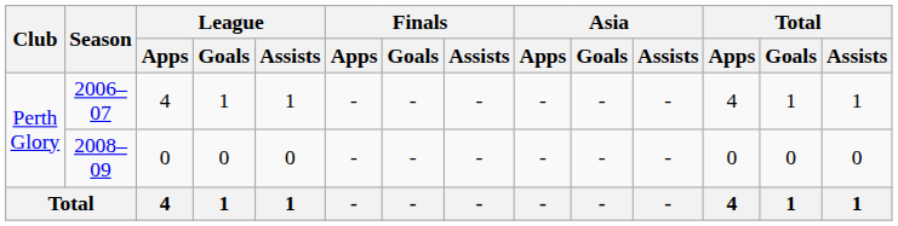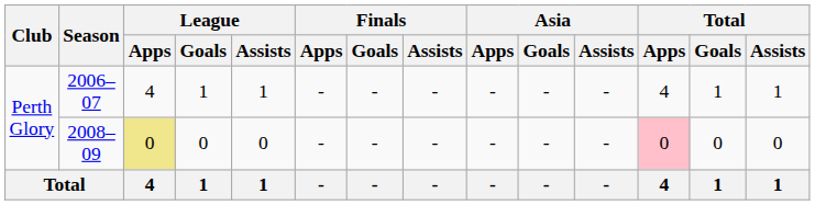 <table class="wikitable" style="text-align: center;">
 <tr>
 <th rowspan="2">Club</th>
 <th rowspan="2">Season</th>
 <th colspan="3">League</th>
 <th colspan="3">Finals</th>
 <th colspan="3">Asia</th>
 <th colspan="3">Total</th>
 </tr>
 <tr>
 <th>Apps</th>
 <th>Goals</th>
 <th>Assists</th>
 <th>Apps</th>
 <th>Goals</th>
 <th>Assists</th>
 <th>Apps</th>
 <th>Goals</th>
 <th>Assists</th>
 <th>Apps</th>
 <th>Goals</th>
 <th>Assists</th>
 </tr>
 <tr>
 <td rowspan="2" valign="center"><a href='#'>Perth Glory</a></td>
 <td><a href='#'>2006–07</a></td>
 <td>4</td>
 <td>1</td>
 <td>1</td>
 <td>-</td>
 <td>-</td>
 <td>-</td>
 <td>-</td>
 <td>-</td>
 <td>-</td>
 <td>4</td>
 <td>1</td>
 <td>1</td>
 </tr>
 <tr>
 <td><a href='#'>2008–09</a></td>
-<td>0</td>
+<td style="background: khaki;">0</td>
 <td>0</td>
 <td>0</td>
 <td>-</td>
 <td>-</td>
 <td>-</td>
 <td>-</td>
 <td>-</td>
 <td>-</td>
-<td>0</td>
+<td style="background: pink;">0</td>
 <td>0</td>
 <td>0</td>
 </tr>
 <tr>
 <th colspan="2">Total</th>
 <th>4</th>
 <th>1</th>
 <th>1</th>
 <th>-</th>
 <th>-</th>
 <th>-</th>
 <th>-</th>
 <th>-</th>
 <th>-</th>
 <th>4</th>
 <th>1</th>
 <th>1</th>
 </tr>
 </table>
